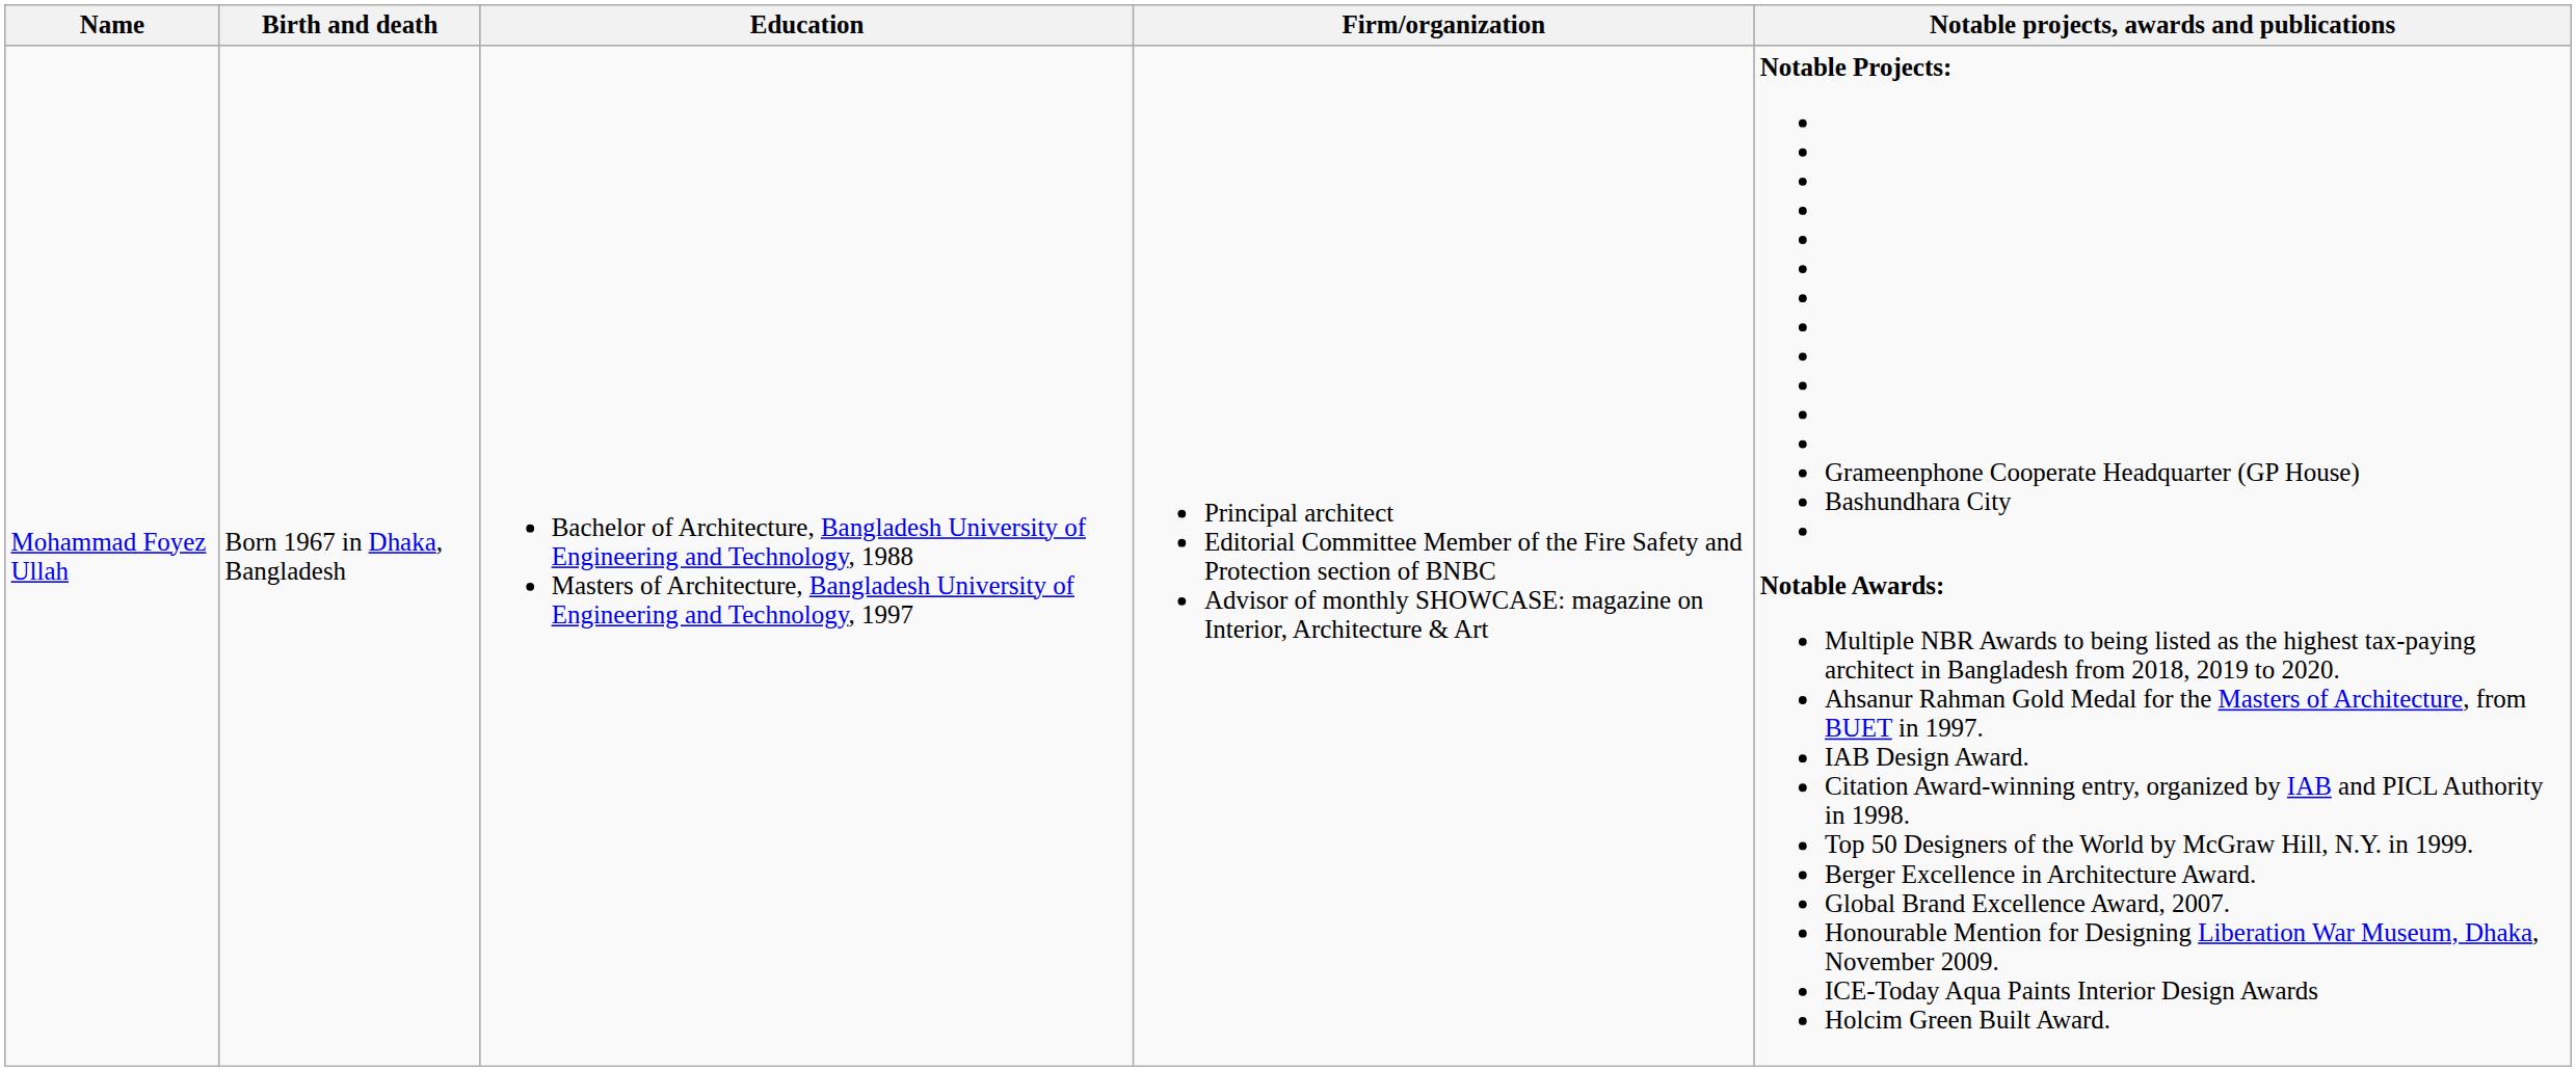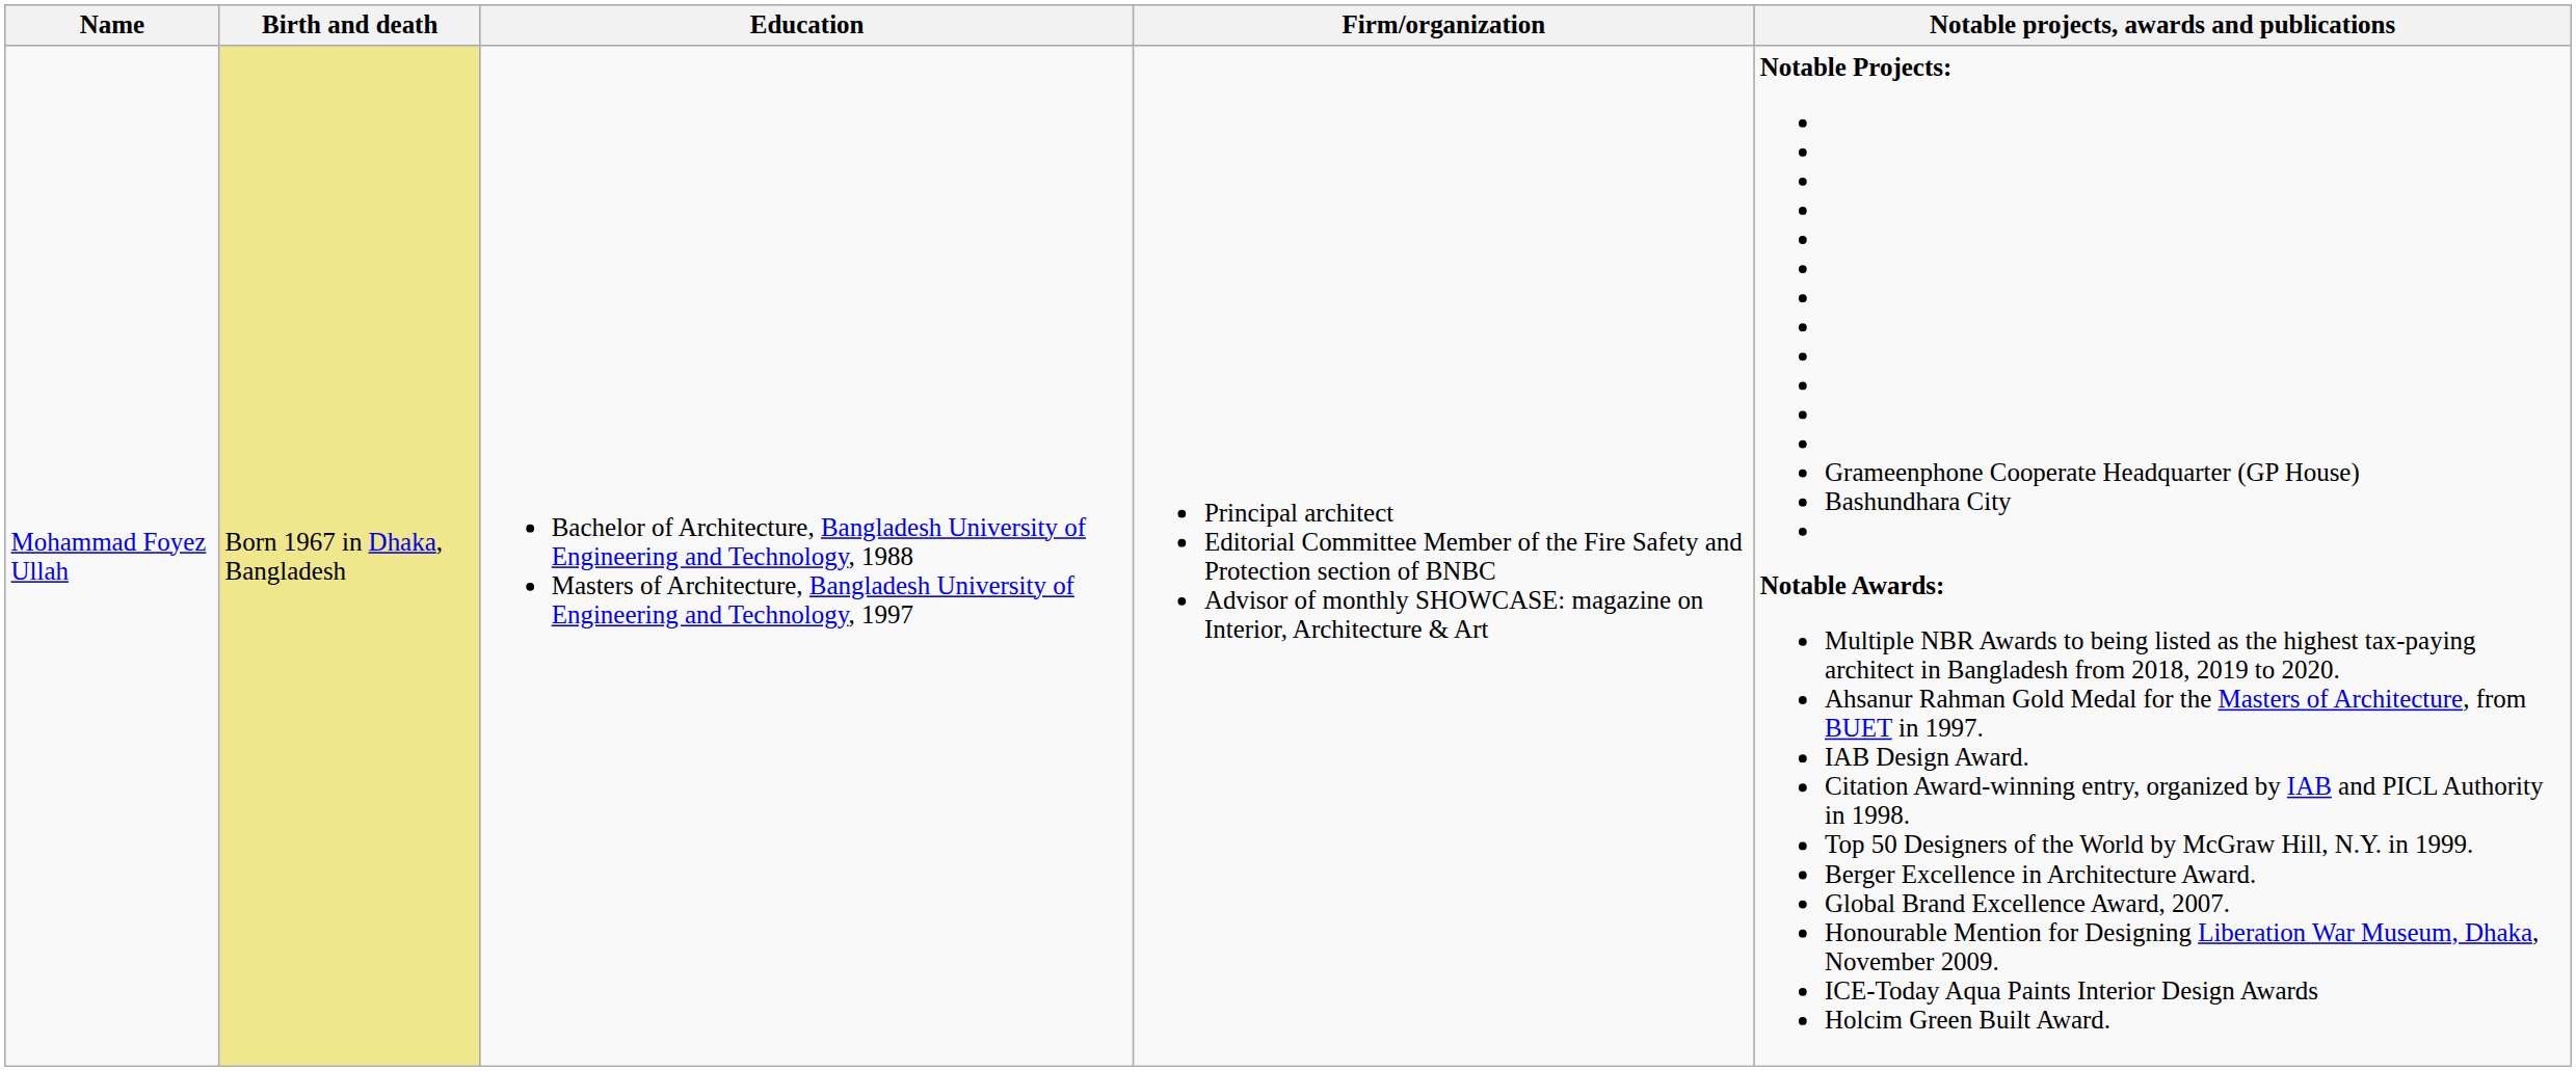 <table class="wikitable" width="100%">
 <tr>
 <th>Name</th>
 <th>Birth and death</th>
 <th>Education</th>
 <th>Firm/organization</th>
 <th>Notable projects, awards and publications</th>
 </tr>
 <tr>
 <td><a href='#'>Mohammad Foyez Ullah</a></td>
-<td>Born 1967 in <a href='#'>Dhaka</a>, Bangladesh</td>
+<td style="background: khaki;">Born 1967 in <a href='#'>Dhaka</a>, Bangladesh</td>
 <td><br><ul><li>Bachelor of Architecture, <a href='#'>Bangladesh University of Engineering and Technology</a>, 1988</li><li>Masters of Architecture, <a href='#'>Bangladesh University of Engineering and Technology</a>, 1997</li></ul></td>
 <td><br><ul><li>Principal architect </li><li>Editorial Committee Member of the Fire Safety and Protection section of BNBC</li><li>Advisor of monthly SHOWCASE: magazine on Interior, Architecture & Art</li></ul></td>
 <td><strong>Notable Projects:</strong><br><ul><li></li><li></li><li></li><li></li><li></li><li></li><li></li><li></li><li></li><li></li><li></li><li></li><li>Grameenphone Cooperate Headquarter (GP House)</li><li>Bashundhara City</li><li></li></ul><strong>Notable Awards:</strong><ul><li>Multiple NBR Awards to being listed as the highest tax-paying architect in Bangladesh from 2018, 2019 to 2020.</li><li>Ahsanur Rahman Gold Medal for the <a href='#'>Masters of Architecture</a>, from <a href='#'>BUET</a> in 1997.</li><li>IAB Design Award.</li><li>Citation Award-winning entry, organized by <a href='#'>IAB</a> and PICL Authority in 1998.</li><li>Top 50 Designers of the World by McGraw Hill, N.Y. in 1999.</li><li>Berger Excellence in Architecture Award.</li><li>Global Brand Excellence Award, 2007.</li><li>Honourable Mention for Designing <a href='#'>Liberation War Museum, Dhaka</a>, November 2009.</li><li>ICE-Today Aqua Paints Interior Design Awards</li><li>Holcim Green Built Award.</li></ul></td>
 </tr>
 <tr>
 </tr>
 </table>
